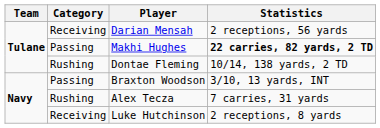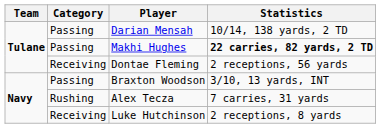 <table class="wikitable" style="float: right;">
 <tr>
 <th>Team</th>
 <th>Category</th>
 <th>Player</th>
 <th>Statistics</th>
 </tr>
 <tr>
 <td rowspan=3><strong>Tulane</strong></td>
-<td>Receiving</td>
+<td>Passing</td>
 <td><a href='#'>Darian Mensah</a></td>
-<td>2 receptions, 56 yards</td>
+<td>10/14, 138 yards, 2 TD</td>
 </tr>
 <tr>
 <td>Passing</td>
 <td><a href='#'>Makhi Hughes</a></td>
 <td><strong>22 carries, 82 yards, 2 TD</strong></td>
 </tr>
 <tr>
-<td>Rushing</td>
+<td>Receiving</td>
 <td>Dontae Fleming</td>
-<td>10/14, 138 yards, 2 TD</td>
+<td>2 receptions, 56 yards</td>
 </tr>
 <tr>
 <td rowspan=3><strong>Navy</strong></td>
 <td>Passing</td>
 <td>Braxton Woodson</td>
 <td>3/10, 13 yards, INT</td>
 </tr>
 <tr>
 <td>Rushing</td>
 <td>Alex Tecza</td>
 <td>7 carries, 31 yards</td>
 </tr>
 <tr>
 <td>Receiving</td>
 <td>Luke Hutchinson</td>
 <td>2 receptions, 8 yards</td>
 </tr>
 </table>
